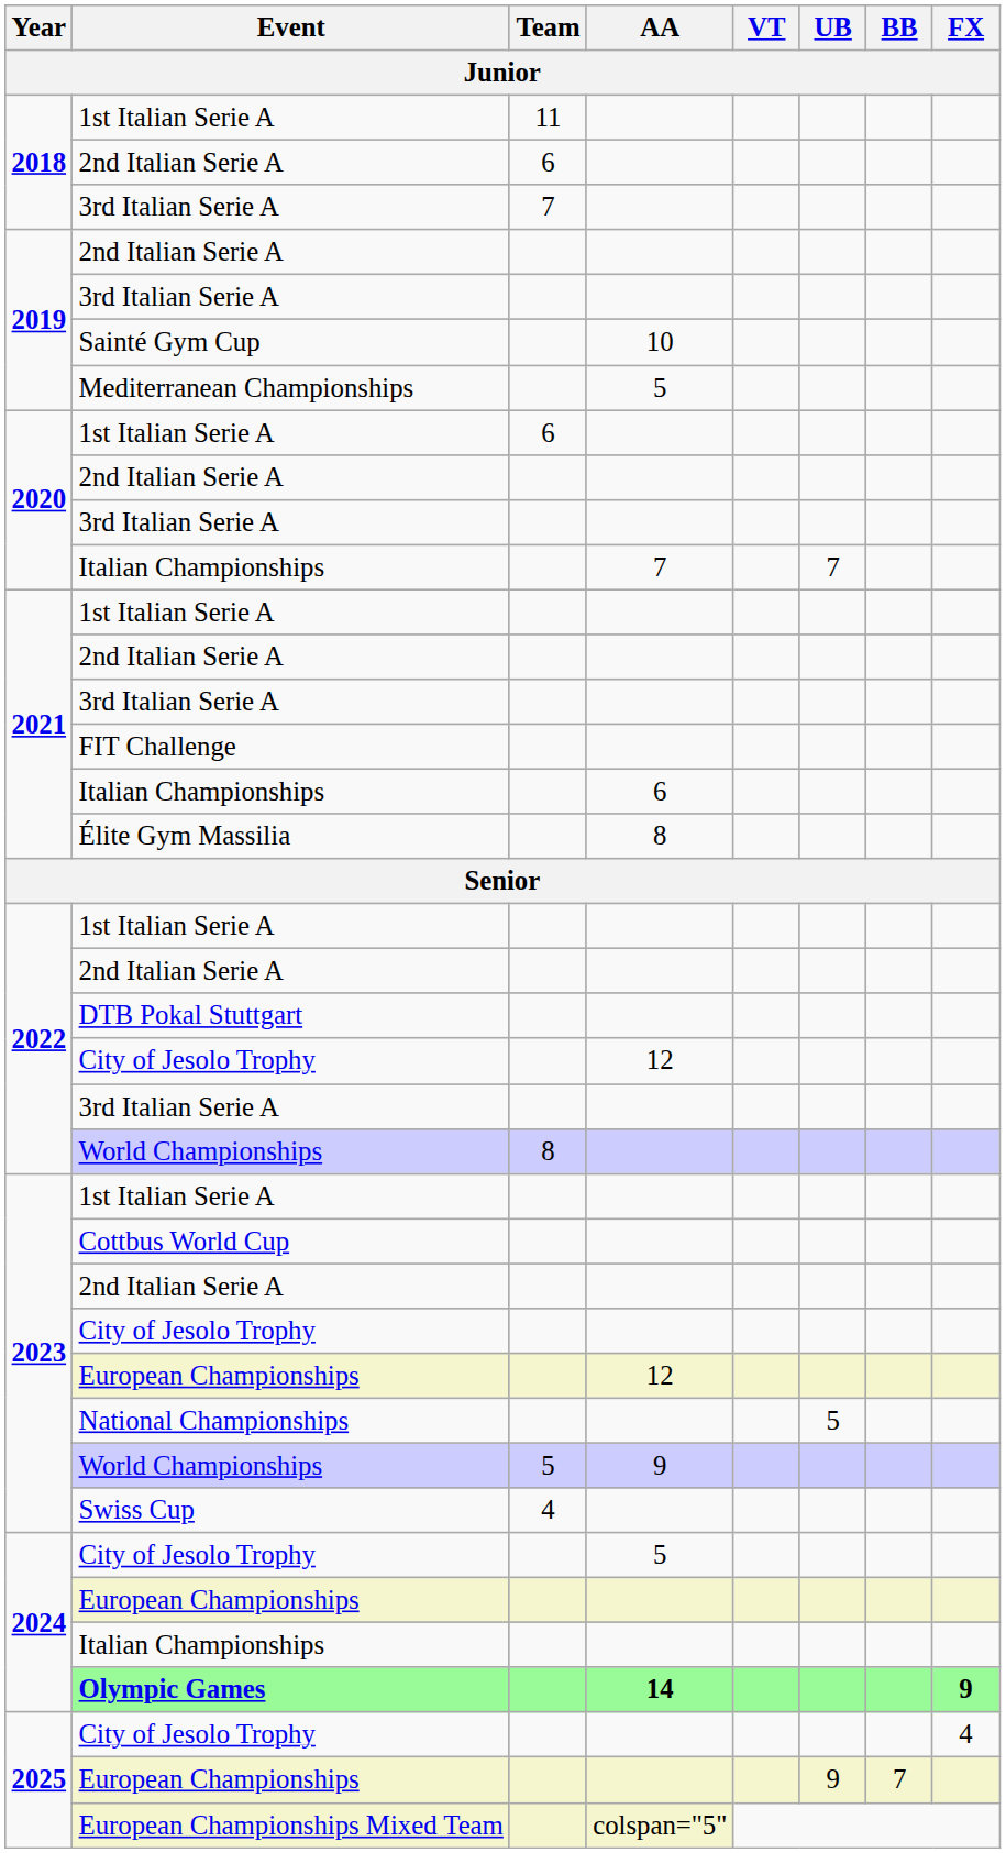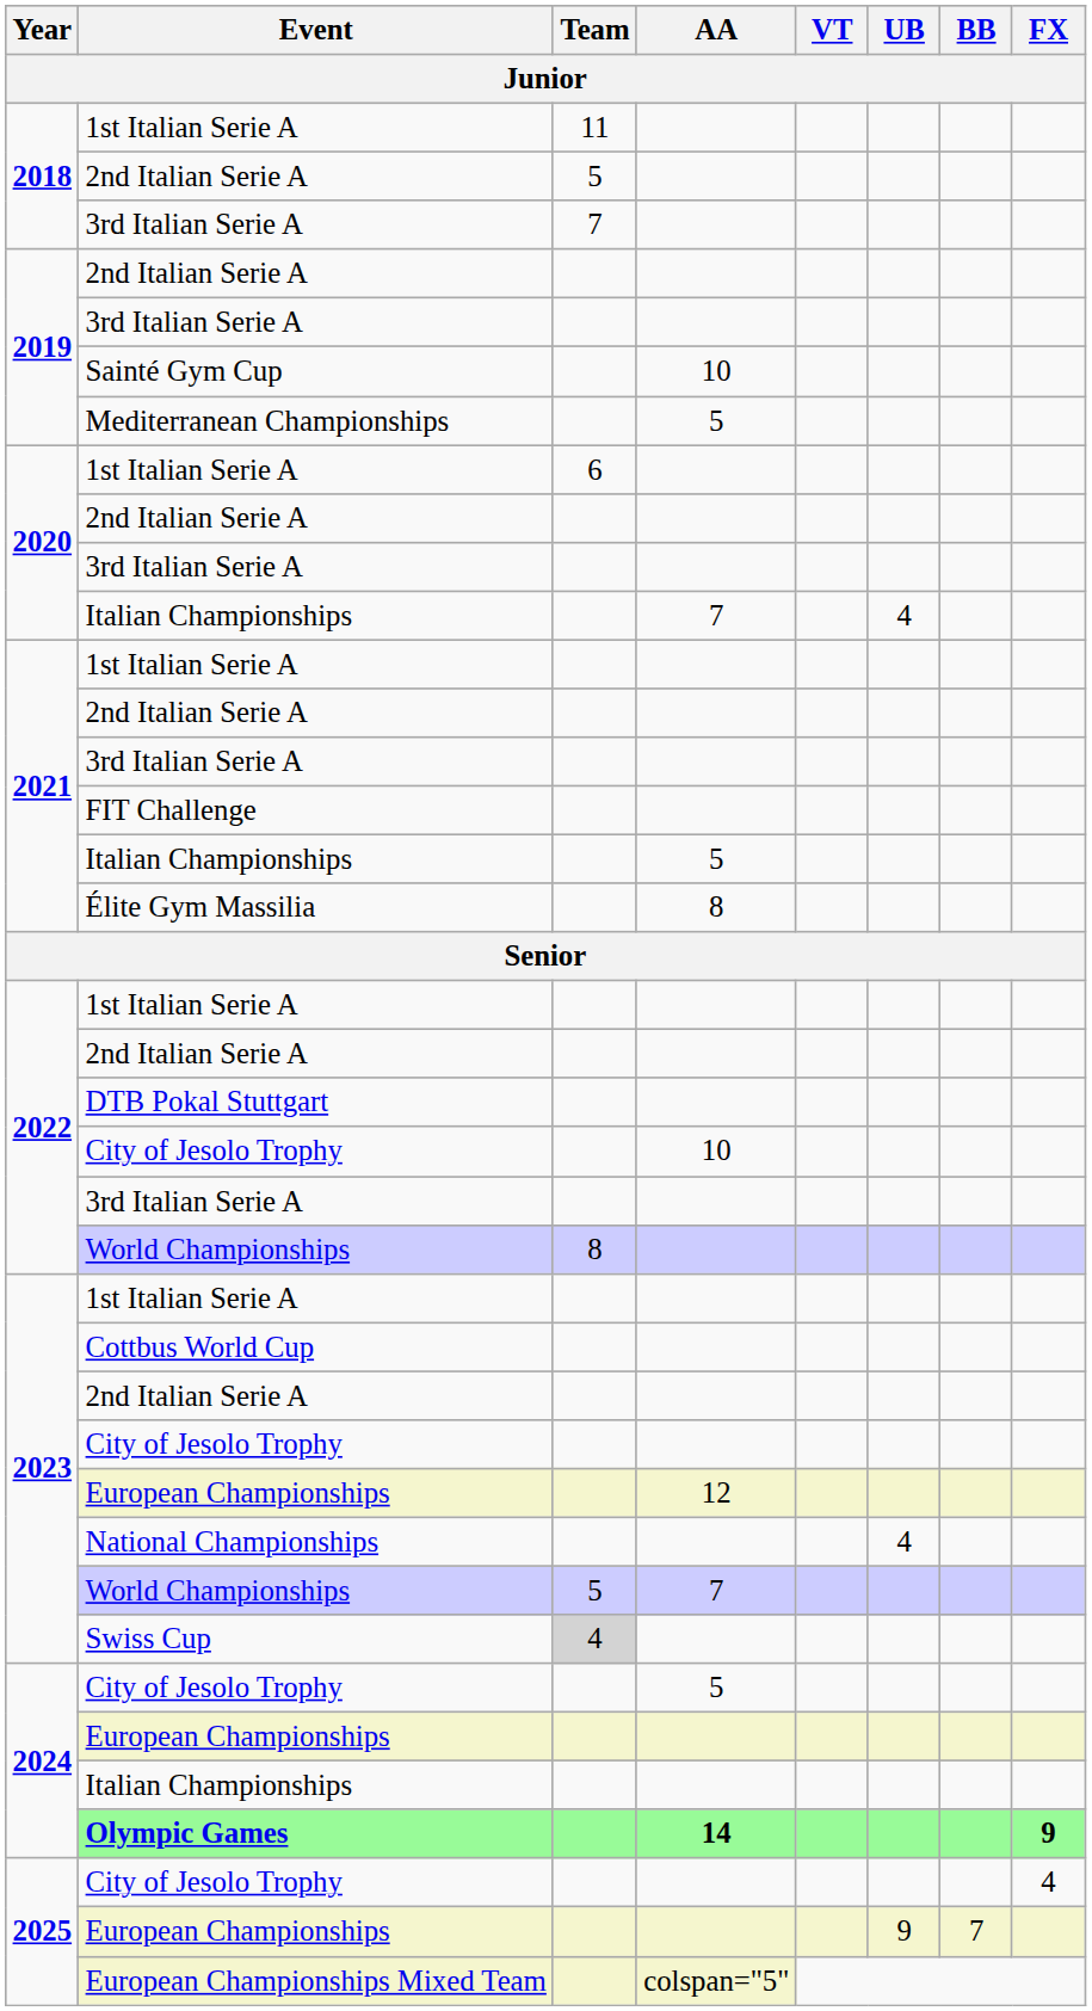 <table class="wikitable" style="text-align:center; font-size:95%;">
 <tr>
 <th align="center">Year</th>
 <th align="center">Event</th>
 <th style="width:30px;">Team</th>
 <th style="width:30px;">AA</th>
 <th style="width:30px;"><a href='#'>VT</a></th>
 <th style="width:30px;"><a href='#'>UB</a></th>
 <th style="width:30px;"><a href='#'>BB</a></th>
 <th style="width:30px;"><a href='#'>FX</a></th>
 </tr>
 <tr>
 <th colspan="8"><strong>Junior</strong></th>
 </tr>
 <tr>
 <td rowspan="3"><strong><a href='#'>2018</a></strong></td>
 <td align=left>1st Italian Serie A</td>
 <td>11</td>
 <td></td>
 <td></td>
 <td></td>
 <td></td>
 <td></td>
 </tr>
 <tr>
 <td align=left>2nd Italian Serie A</td>
-<td>6</td>
+<td>5</td>
 <td></td>
 <td></td>
 <td></td>
 <td></td>
 <td></td>
 </tr>
 <tr>
 <td align=left>3rd Italian Serie A</td>
 <td>7</td>
 <td></td>
 <td></td>
 <td></td>
 <td></td>
 <td></td>
 </tr>
 <tr>
 <td rowspan="4"><strong><a href='#'>2019</a></strong></td>
 <td align=left>2nd Italian Serie A</td>
 <td></td>
 <td></td>
 <td></td>
 <td></td>
 <td></td>
 <td></td>
 </tr>
 <tr>
 <td align=left>3rd Italian Serie A</td>
 <td></td>
 <td></td>
 <td></td>
 <td></td>
 <td></td>
 <td></td>
 </tr>
 <tr>
 <td align=left>Sainté Gym Cup</td>
 <td></td>
 <td>10</td>
 <td></td>
 <td></td>
 <td></td>
 <td></td>
 </tr>
 <tr>
 <td align=left>Mediterranean Championships</td>
 <td></td>
 <td>5</td>
 <td></td>
 <td></td>
 <td></td>
 <td></td>
 </tr>
 <tr>
 <td rowspan="4"><strong><a href='#'>2020</a></strong></td>
 <td align=left>1st Italian Serie A</td>
 <td>6</td>
 <td></td>
 <td></td>
 <td></td>
 <td></td>
 <td></td>
 </tr>
 <tr>
 <td align=left>2nd Italian Serie A</td>
 <td></td>
 <td></td>
 <td></td>
 <td></td>
 <td></td>
 <td></td>
 </tr>
 <tr>
 <td align=left>3rd Italian Serie A</td>
 <td></td>
 <td></td>
 <td></td>
 <td></td>
 <td></td>
 <td></td>
 </tr>
 <tr>
 <td align=left>Italian Championships</td>
 <td></td>
 <td>7</td>
 <td></td>
-<td>7</td>
+<td>4</td>
 <td></td>
 <td></td>
 </tr>
 <tr>
 <td rowspan="6"><strong><a href='#'>2021</a></strong></td>
 <td align=left>1st Italian Serie A</td>
 <td></td>
 <td></td>
 <td></td>
 <td></td>
 <td></td>
 <td></td>
 </tr>
 <tr>
 <td align=left>2nd Italian Serie A</td>
 <td></td>
 <td></td>
 <td></td>
 <td></td>
 <td></td>
 <td></td>
 </tr>
 <tr>
 <td align=left>3rd Italian Serie A</td>
 <td></td>
 <td></td>
 <td></td>
 <td></td>
 <td></td>
 <td></td>
 </tr>
 <tr>
 <td align=left>FIT Challenge</td>
 <td></td>
 <td></td>
 <td></td>
 <td></td>
 <td></td>
 <td></td>
 </tr>
 <tr>
 <td align=left>Italian Championships</td>
 <td></td>
-<td>6</td>
+<td>5</td>
 <td></td>
 <td></td>
 <td></td>
 <td></td>
 </tr>
 <tr>
 <td align=left>Élite Gym Massilia</td>
 <td></td>
 <td>8</td>
 <td></td>
 <td></td>
 <td></td>
 <td></td>
 </tr>
 <tr>
 <th colspan="8"><strong>Senior</strong></th>
 </tr>
 <tr>
 <td rowspan="6"><strong><a href='#'>2022</a></strong></td>
 <td align=left>1st Italian Serie A</td>
 <td></td>
 <td></td>
 <td></td>
 <td></td>
 <td></td>
 <td></td>
 </tr>
 <tr>
 <td align=left>2nd Italian Serie A</td>
 <td></td>
 <td></td>
 <td></td>
 <td></td>
 <td></td>
 <td></td>
 </tr>
 <tr>
 <td align=left><a href='#'>DTB Pokal Stuttgart</a></td>
 <td></td>
 <td></td>
 <td></td>
 <td></td>
 <td></td>
 <td></td>
 </tr>
 <tr>
 <td align=left><a href='#'>City of Jesolo Trophy</a></td>
 <td></td>
-<td>12</td>
+<td>10</td>
 <td></td>
 <td></td>
 <td></td>
 <td></td>
 </tr>
 <tr>
 <td align=left>3rd Italian Serie A</td>
 <td></td>
 <td></td>
 <td></td>
 <td></td>
 <td></td>
 <td></td>
 </tr>
 <tr bgcolor=#CCCCFF>
 <td align=left><a href='#'>World Championships</a></td>
 <td>8</td>
 <td></td>
 <td></td>
 <td></td>
 <td></td>
 <td></td>
 </tr>
 <tr>
 <td rowspan="8"><strong><a href='#'>2023</a></strong></td>
 <td align=left>1st Italian Serie A</td>
 <td></td>
 <td></td>
 <td></td>
 <td></td>
 <td></td>
 <td></td>
 </tr>
 <tr>
 <td align=left><a href='#'>Cottbus World Cup</a></td>
 <td></td>
 <td></td>
 <td></td>
 <td></td>
 <td></td>
 <td></td>
 </tr>
 <tr>
 <td align=left>2nd Italian Serie A</td>
 <td></td>
 <td></td>
 <td></td>
 <td></td>
 <td></td>
 <td></td>
 </tr>
 <tr>
 <td align=left><a href='#'>City of Jesolo Trophy</a></td>
 <td></td>
 <td></td>
 <td></td>
 <td></td>
 <td></td>
 <td></td>
 </tr>
 <tr bgcolor=#F5F6CE>
 <td align=left><a href='#'>European Championships</a></td>
 <td></td>
 <td>12</td>
 <td></td>
 <td></td>
 <td></td>
 <td></td>
 </tr>
 <tr>
 <td align=left><a href='#'>National Championships</a></td>
 <td></td>
 <td></td>
 <td></td>
-<td>5</td>
+<td>4</td>
 <td></td>
 <td></td>
 </tr>
 <tr bgcolor=#CCCCFF>
 <td align=left><a href='#'>World Championships</a></td>
 <td>5</td>
-<td>9</td>
+<td>7</td>
 <td></td>
 <td></td>
 <td></td>
 <td></td>
 </tr>
 <tr>
 <td align=left><a href='#'>Swiss Cup</a></td>
-<td>4</td>
+<td style="background: lightgrey;">4</td>
 <td></td>
 <td></td>
 <td></td>
 <td></td>
 <td></td>
 </tr>
 <tr>
 <td rowspan="4"><strong><a href='#'>2024</a></strong></td>
 <td align=left><a href='#'>City of Jesolo Trophy</a></td>
 <td></td>
 <td>5</td>
 <td></td>
 <td></td>
 <td></td>
 <td></td>
 </tr>
 <tr bgcolor=#F5F6CE>
 <td align=left><a href='#'>European Championships</a></td>
 <td></td>
 <td></td>
 <td></td>
 <td></td>
 <td></td>
 <td></td>
 </tr>
 <tr>
 <td align=left>Italian Championships</td>
 <td></td>
 <td></td>
 <td></td>
 <td></td>
 <td></td>
 <td></td>
 </tr>
 <tr bgcolor=98FB98>
 <td align=left><strong><a href='#'>Olympic Games</a></strong></td>
 <td></td>
 <td><strong>14</strong></td>
 <td></td>
 <td></td>
 <td></td>
 <td><strong>9</strong></td>
 </tr>
 <tr>
 <td rowspan="3"><strong><a href='#'>2025</a></strong></td>
 <td align=left><a href='#'>City of Jesolo Trophy</a></td>
 <td></td>
 <td></td>
 <td></td>
 <td></td>
 <td></td>
 <td>4</td>
 </tr>
 <tr bgcolor=#F5F6CE>
 <td align=left><a href='#'>European Championships</a></td>
 <td></td>
 <td></td>
 <td></td>
 <td>9</td>
 <td>7</td>
 <td></td>
 </tr>
 <tr bgcolor=#F5F6CE>
 <td align=left><a href='#'>European Championships Mixed Team</a></td>
 <td></td>
 <td>colspan="5" </td>
 </tr>
 </table>
